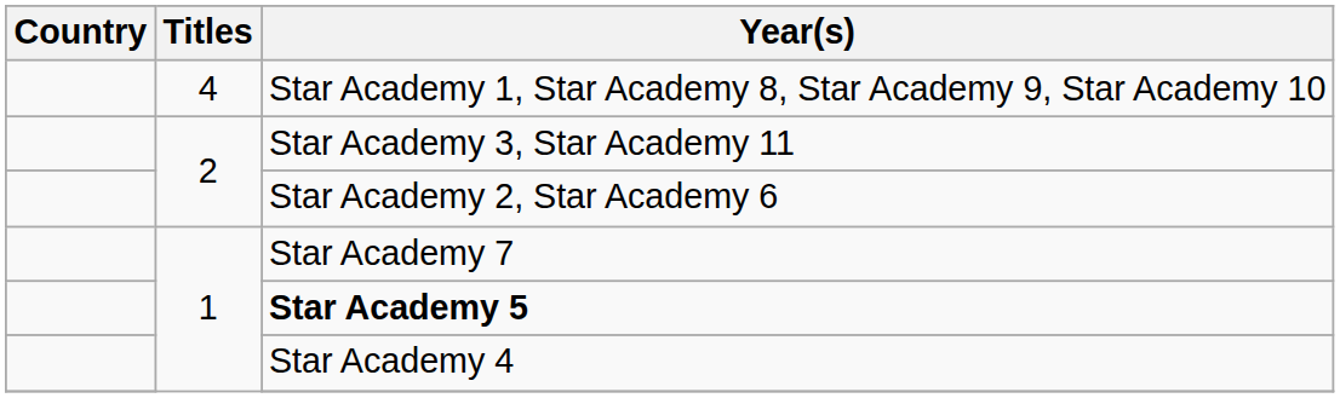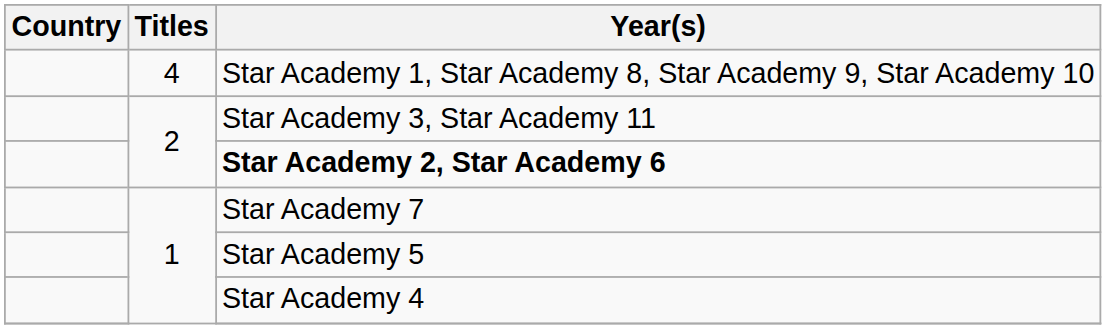 <table class="wikitable">
 <tr>
 <th>Country</th>
 <th>Titles</th>
 <th>Year(s)</th>
 </tr>
 <tr>
 <td></td>
 <td style="text-align:center;">4</td>
 <td>Star Academy 1, Star Academy 8, Star Academy 9, Star Academy 10</td>
 </tr>
 <tr>
 <td></td>
 <td rowspan="2" style="text-align:center;">2</td>
 <td>Star Academy 3,  Star Academy 11</td>
 </tr>
 <tr>
 <td></td>
-<td>Star Academy 2, Star Academy 6</td>
+<td><strong>Star Academy 2, Star Academy 6</strong></td>
 </tr>
 <tr>
 <td></td>
 <td rowspan="8" style="text-align:center;">1</td>
 <td>Star Academy 7</td>
 </tr>
 <tr>
 <td></td>
-<td><strong>Star Academy 5</strong></td>
+<td>Star Academy 5</td>
 </tr>
 <tr>
 <td></td>
 <td>Star Academy 4</td>
 </tr>
 <tr>
 </tr>
 </table>
